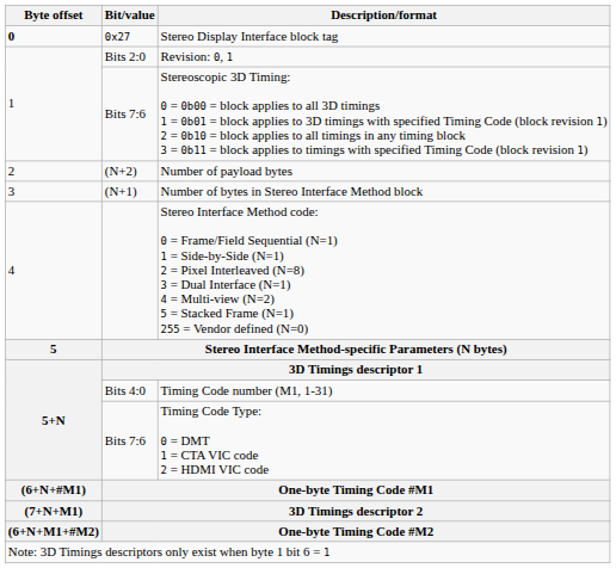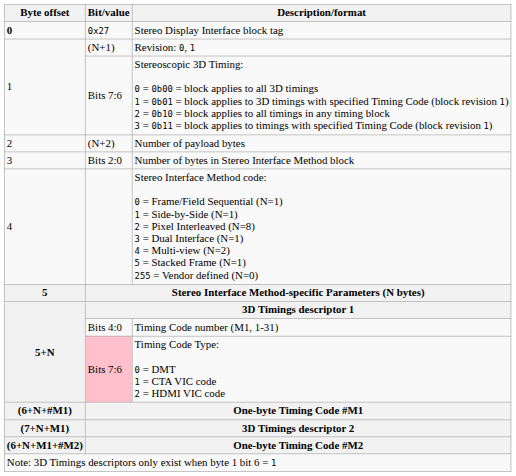 <table class=wikitable>
 <tr>
 <th>Byte offset</th>
 <th>Bit/value</th>
 <th>Description/format</th>
 </tr>
 <tr>
 <td><strong>0</strong></td>
 <td><code>0x27</code></td>
 <td>Stereo Display Interface block tag</td>
 </tr>
 <tr>
 <td rowspan=2>1</td>
-<td>Bits 2:0</td>
+<td>(N+1)</td>
 <td>Revision: <code>0</code>, <code>1</code></td>
 </tr>
 <tr>
 <td>Bits 7:6</td>
 <td>Stereoscopic 3D Timing:<br><br><code>0</code> = <code>0b00</code> = block applies to all 3D timings<br> <code>1</code> = <code>0b01</code> = block applies to 3D timings with specified Timing Code (block revision <code>1</code>)<br> <code>2</code> = <code>0b10</code> = block applies to all timings in any timing block<br> <code>3</code> = <code>0b11</code> = block applies to timings with specified Timing Code (block revision <code>1</code>)</td>
 </tr>
 <tr>
 <td>2</td>
 <td>(N+2)</td>
 <td>Number of payload bytes</td>
 </tr>
 <tr>
 <td>3</td>
-<td>(N+1)</td>
+<td>Bits 2:0</td>
 <td>Number of bytes in Stereo Interface Method block</td>
 </tr>
 <tr>
 <td>4</td>
 <td></td>
 <td>Stereo Interface Method code:<br><br><code>0</code> = Frame/Field Sequential (N=1)<br> <code>1</code> = Side-by-Side (N=1)<br> <code>2</code> = Pixel Interleaved (N=8)<br> <code>3</code> = Dual Interface (N=1)<br> <code>4</code> = Multi-view (N=2)<br> <code>5</code> = Stacked Frame (N=1)<br> <code>255</code> = Vendor defined (N=0)</td>
 </tr>
 <tr>
 <th>5</th>
 <th colspan=2>Stereo Interface Method-specific Parameters (N bytes)</th>
 </tr>
 <tr>
 <th rowspan=3>5+N</th>
 <th colspan=2>3D Timings descriptor 1<br></th>
 </tr>
 <tr>
 <td>Bits 4:0</td>
 <td>Timing Code number (M1, 1-31)</td>
 </tr>
 <tr>
-<td>Bits 7:6</td>
+<td style="background: pink;">Bits 7:6</td>
 <td>Timing Code Type:<br><br><code>0</code> = DMT<br> <code>1</code> = CTA VIC code<br> <code>2</code> = HDMI VIC code</td>
 </tr>
 <tr>
 <th>(6+N+#M1)</th>
 <th colspan=2>One-byte Timing Code #M1</th>
 </tr>
 <tr>
 <th>(7+N+M1)</th>
 <th colspan=2>3D Timings descriptor 2<br></th>
 </tr>
 <tr>
 <th>(6+N+M1+#M2)</th>
 <th colspan=2>One-byte Timing Code #M2</th>
 </tr>
 <tr>
 <td colspan=3>Note: 3D Timings descriptors only exist when byte 1 bit 6 = <code>1</code></td>
 </tr>
 </table>
